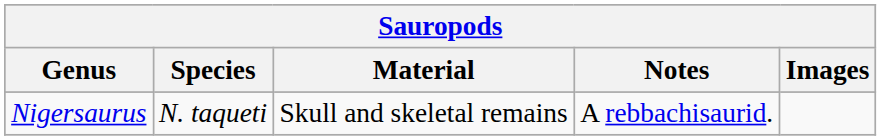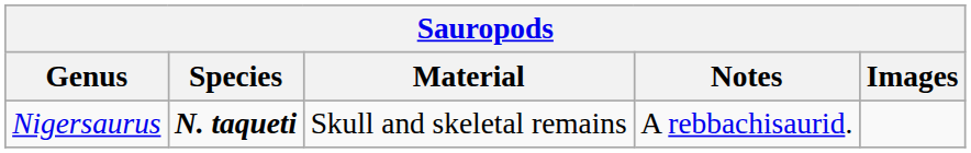 <table class="wikitable">
 <tr>
 <th colspan="5" align="center"><a href='#'>Sauropods</a></th>
 </tr>
 <tr>
 <th>Genus</th>
 <th>Species</th>
 <th>Material</th>
 <th>Notes</th>
 <th>Images</th>
 </tr>
 <tr>
 <td><em><a href='#'>Nigersaurus</a></em></td>
-<td><em>N. taqueti</em></td>
+<td><strong><em>N. taqueti</em></strong></td>
 <td>Skull and skeletal remains</td>
 <td>A <a href='#'>rebbachisaurid</a>.</td>
 <td></td>
 </tr>
 </table>
